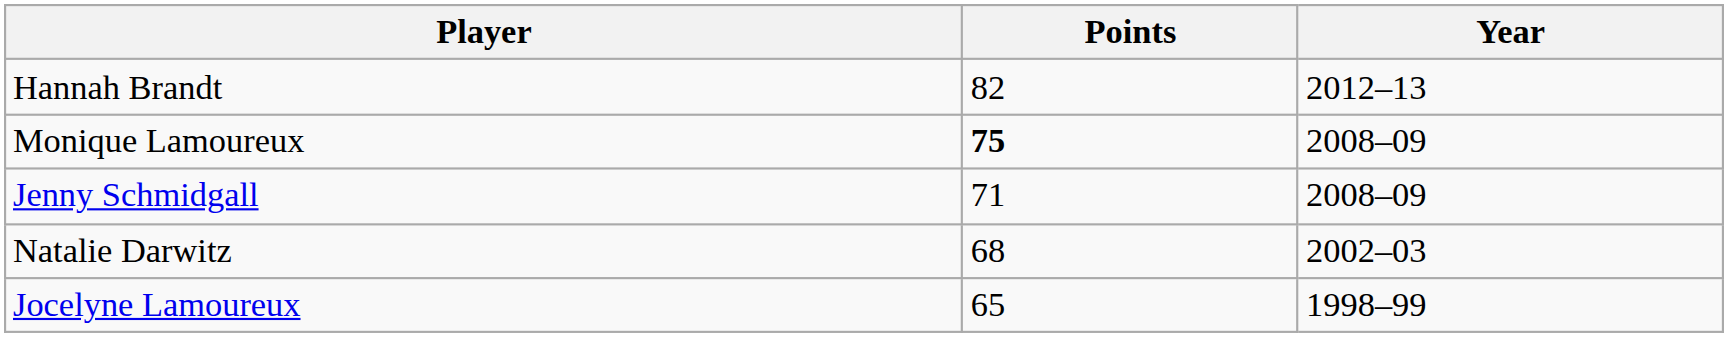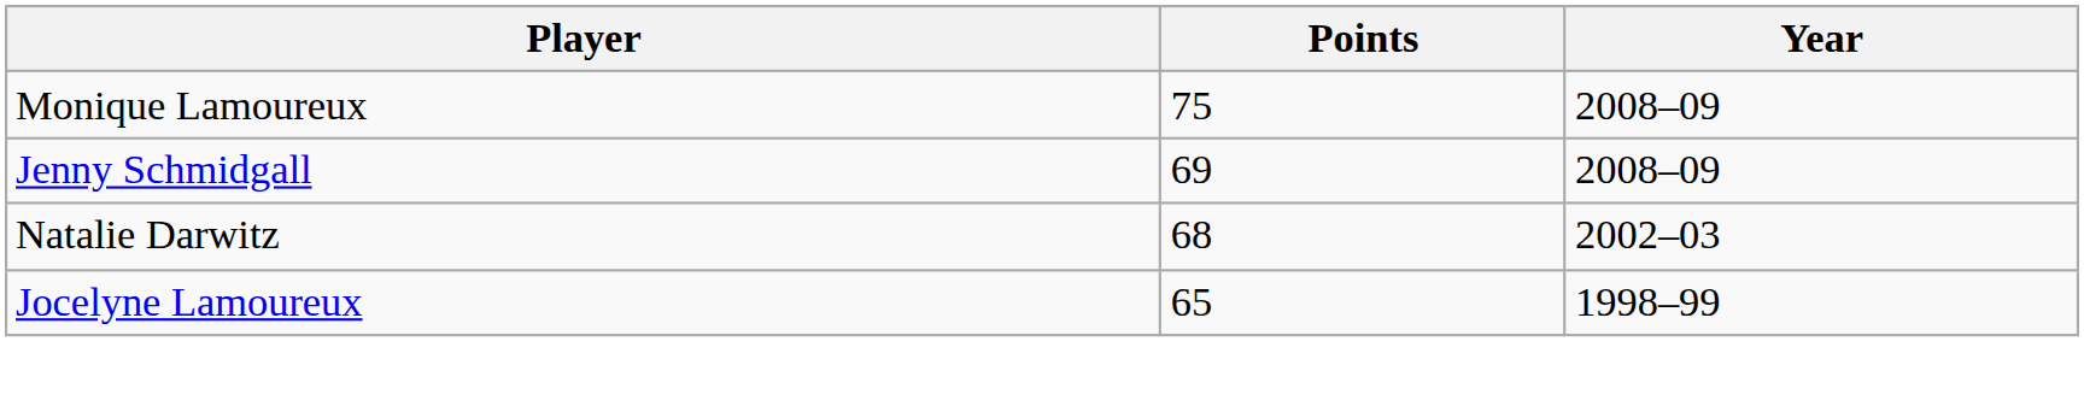 <table class="wikitable" style="width: 50em">
 <tr>
 <th>Player</th>
 <th>Points</th>
 <th>Year</th>
 </tr>
 <tr>
-<td>Hannah Brandt</td>
-<td>82</td>
-<td>2012–13</td>
-</tr>
-<tr>
 <td>Monique Lamoureux</td>
-<td><strong>75</strong></td>
+<td>75</td>
 <td>2008–09</td>
 </tr>
 <tr>
 <td><a href='#'>Jenny Schmidgall</a></td>
-<td>71</td>
+<td>69</td>
 <td>2008–09</td>
 </tr>
 <tr>
 <td>Natalie Darwitz</td>
 <td>68</td>
 <td>2002–03</td>
 </tr>
 <tr>
 <td><a href='#'>Jocelyne Lamoureux</a></td>
 <td>65</td>
 <td>1998–99</td>
 </tr>
 </table>
